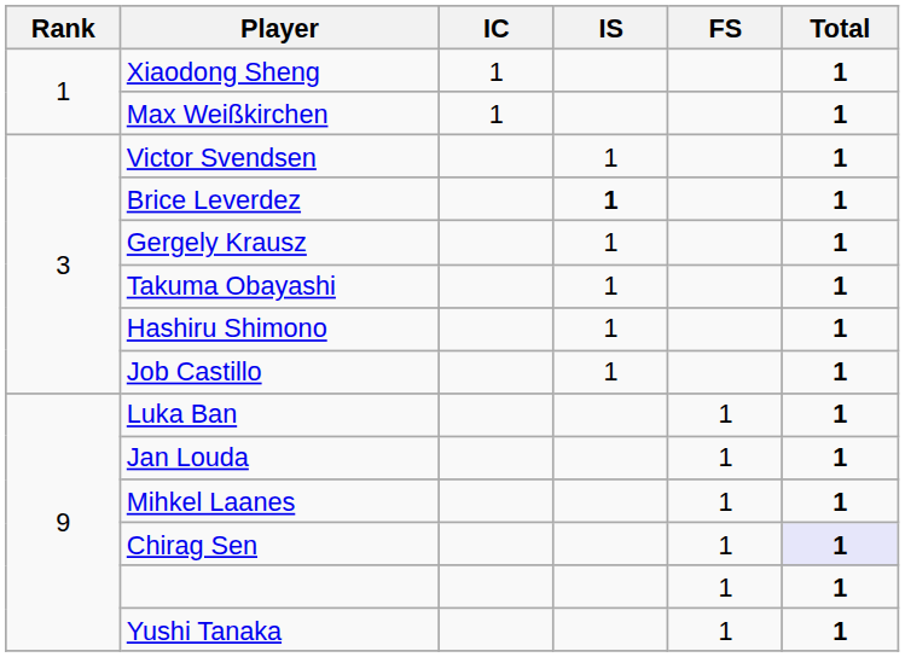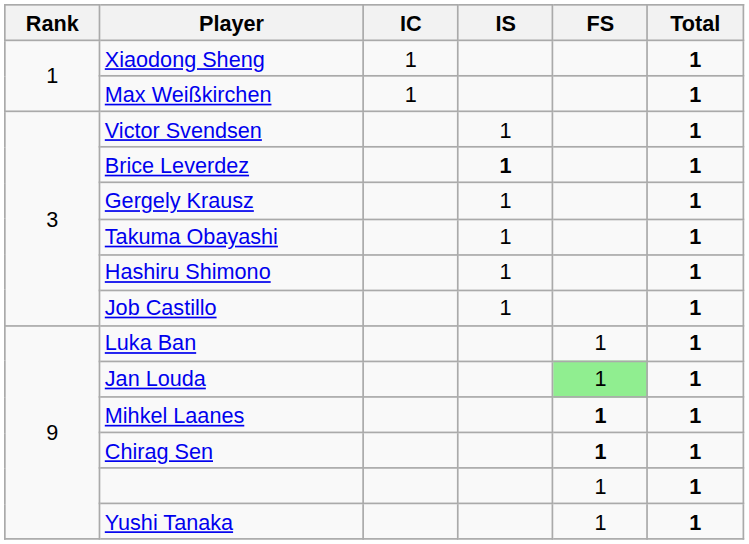 <table class="wikitable" style="font-size:80%; text-align:center">
 <tr>
 <th width="50">Rank</th>
 <th width="150">Player</th>
 <th width="50">IC</th>
 <th width="50">IS</th>
 <th width="50">FS</th>
 <th width="50">Total</th>
 </tr>
 <tr>
 <td rowspan="2">1</td>
 <td align="left"> <a href='#'>Xiaodong Sheng</a></td>
 <td>1</td>
 <td></td>
 <td></td>
 <td><strong>1</strong></td>
 </tr>
 <tr>
 <td align="left"> <a href='#'>Max Weißkirchen</a></td>
 <td>1</td>
 <td></td>
 <td></td>
 <td><strong>1</strong></td>
 </tr>
 <tr>
 <td rowspan="6">3</td>
 <td align="left"> <a href='#'>Victor Svendsen</a></td>
 <td></td>
 <td>1</td>
 <td></td>
 <td><strong>1</strong></td>
 </tr>
 <tr>
 <td align="left"> <a href='#'>Brice Leverdez</a></td>
 <td></td>
 <td><strong>1</strong></td>
 <td></td>
 <td><strong>1</strong></td>
 </tr>
 <tr>
 <td align="left"> <a href='#'>Gergely Krausz</a></td>
 <td></td>
 <td>1</td>
 <td></td>
 <td><strong>1</strong></td>
 </tr>
 <tr>
 <td align="left"> <a href='#'>Takuma Obayashi</a></td>
 <td></td>
 <td>1</td>
 <td></td>
 <td><strong>1</strong></td>
 </tr>
 <tr>
 <td align="left"> <a href='#'>Hashiru Shimono</a></td>
 <td></td>
 <td>1</td>
 <td></td>
 <td><strong>1</strong></td>
 </tr>
 <tr>
 <td align="left"> <a href='#'>Job Castillo</a></td>
 <td></td>
 <td>1</td>
 <td></td>
 <td><strong>1</strong></td>
 </tr>
 <tr>
 <td rowspan="6">9</td>
 <td align="left"> <a href='#'>Luka Ban</a></td>
 <td></td>
 <td></td>
 <td>1</td>
 <td><strong>1</strong></td>
 </tr>
 <tr>
 <td align="left"> <a href='#'>Jan Louda</a></td>
 <td></td>
 <td></td>
-<td>1</td>
+<td style="background: lightgreen;">1</td>
 <td><strong>1</strong></td>
 </tr>
 <tr>
 <td align="left"> <a href='#'>Mihkel Laanes</a></td>
 <td></td>
 <td></td>
-<td>1</td>
+<td><strong>1</strong></td>
 <td><strong>1</strong></td>
 </tr>
 <tr>
 <td align="left"> <a href='#'>Chirag Sen</a></td>
 <td></td>
 <td></td>
-<td>1</td>
-<td style="background: lavender;"><strong>1</strong></td>
+<td><strong>1</strong></td>
+<td><strong>1</strong></td>
 </tr>
 <tr>
 <td align="left"></td>
 <td></td>
 <td></td>
 <td>1</td>
 <td><strong>1</strong></td>
 </tr>
 <tr>
 <td align="left"> <a href='#'>Yushi Tanaka</a></td>
 <td></td>
 <td></td>
 <td>1</td>
 <td><strong>1</strong></td>
 </tr>
 </table>
